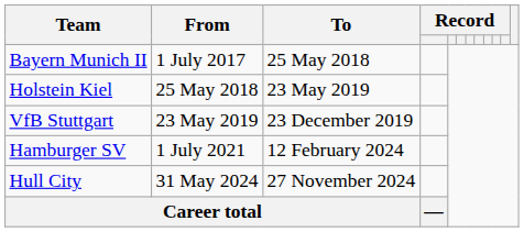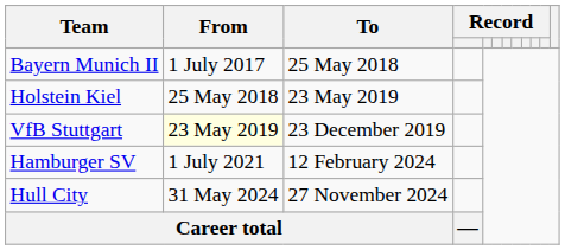 <table class="wikitable" style="text-align: center">
 <tr>
 <th rowspan="2">Team</th>
 <th rowspan="2">From</th>
 <th rowspan="2">To</th>
 <th colspan="8">Record</th>
 <th rowspan=2></th>
 </tr>
 <tr>
 <th></th>
 <th></th>
 <th></th>
 <th></th>
 <th></th>
 <th></th>
 <th></th>
 <th></th>
 </tr>
 <tr>
 <td align="left"><a href='#'>Bayern Munich II</a></td>
 <td align=left>1 July 2017</td>
 <td align=left>25 May 2018<br></td>
 <td></td>
 </tr>
 <tr>
 <td align="left"><a href='#'>Holstein Kiel</a></td>
 <td align=left>25 May 2018</td>
 <td align=left>23 May 2019<br></td>
 <td></td>
 </tr>
 <tr>
 <td align="left"><a href='#'>VfB Stuttgart</a></td>
-<td align=left>23 May 2019</td>
+<td align=left style="background: lightyellow;">23 May 2019</td>
 <td align=left>23 December 2019<br></td>
 <td></td>
 </tr>
 <tr>
 <td align="left"><a href='#'>Hamburger SV</a></td>
 <td align=left>1 July 2021</td>
 <td align=left>12 February 2024<br></td>
 <td></td>
 </tr>
 <tr>
 <td align="left"><a href='#'>Hull City</a></td>
 <td align=left>31 May 2024</td>
 <td align=left>27 November 2024<br></td>
 <td></td>
 </tr>
 <tr>
 <th colspan=3>Career total<br></th>
 <th>—</th>
 </tr>
 </table>
